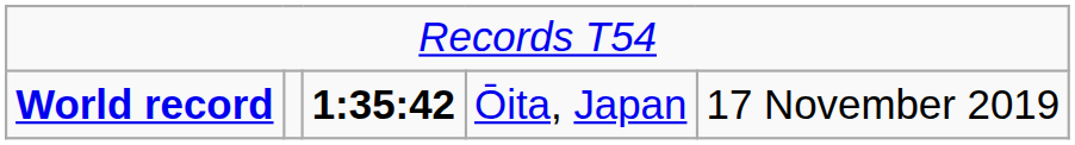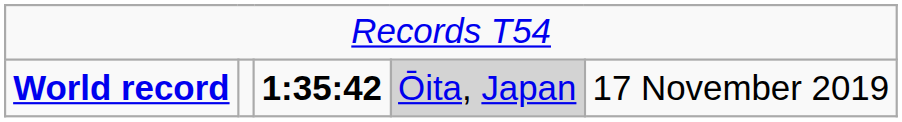 <table class="wikitable">
 <tr>
 <td colspan=5 align=center><em><a href='#'>Records T54</a></em></td>
 </tr>
 <tr>
 <td><a href='#'><strong>World record</strong></a></td>
 <td></td>
 <td><strong>1:35:42 </strong></td>
-<td><a href='#'>Ōita</a>, <a href='#'>Japan</a></td>
+<td style="background: lightgrey;"><a href='#'>Ōita</a>, <a href='#'>Japan</a></td>
 <td>17 November 2019</td>
 </tr>
 </table>
